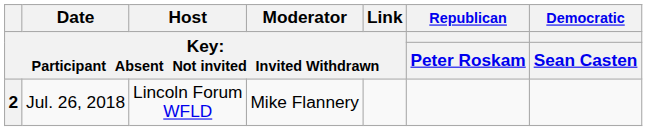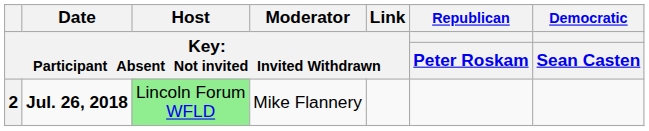 <table class="wikitable" style="text-align:center;">
 <tr>
 <th scope="col"></th>
 <th scope="col">Date</th>
 <th scope="col">Host</th>
 <th scope="col">Moderator</th>
 <th scope="col">Link</th>
 <th scope="col"><small><a href='#'>Republican</a></small></th>
 <th scope="col"><small><a href='#'>Democratic</a></small></th>
 </tr>
 <tr>
 <th colspan="5" rowspan="2">Key:<br> <small>Participant </small>  <small>Absent </small>  <small>Not invited </small>  <small>Invited  Withdrawn</small></th>
 <th scope="col" style="background:"></th>
 <th scope="col" style="background:"></th>
 </tr>
 <tr>
 <th scope="col"><a href='#'>Peter Roskam</a></th>
 <th scope="col"><a href='#'>Sean Casten</a></th>
 </tr>
 <tr>
 <th>2</th>
-<td style="white-space:nowrap;">Jul. 26, 2018</td>
-<td style="white-space:nowrap;">Lincoln Forum<br><a href='#'>WFLD</a></td>
+<td style="white-space:nowrap;"><strong>Jul. 26, 2018</strong></td>
+<td style="background: lightgreen; white-space:nowrap;">Lincoln Forum<br><a href='#'>WFLD</a></td>
 <td style="white-space:nowrap;">Mike Flannery</td>
 <td style="white-space:nowrap;"></td>
 <td></td>
 <td></td>
 </tr>
 </table>
